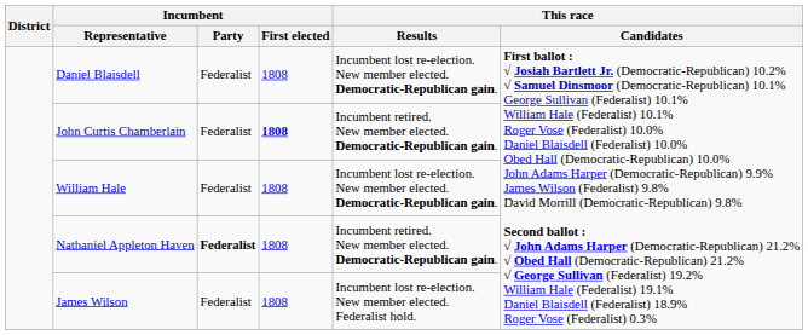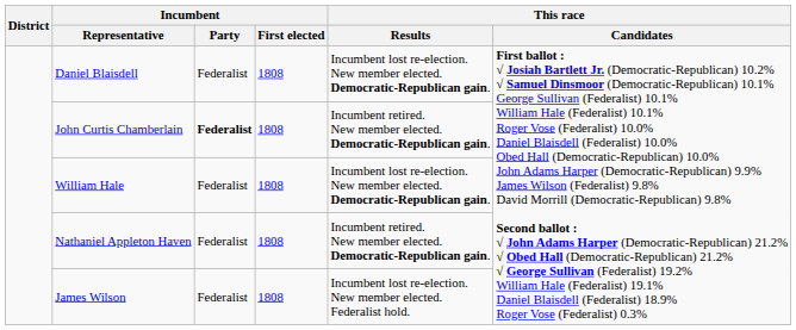 <table class=wikitable>
 <tr>
 <th rowspan=2>District</th>
 <th colspan=3>Incumbent</th>
 <th colspan=2>This race</th>
 </tr>
 <tr>
 <th>Representative</th>
 <th>Party</th>
 <th>First elected</th>
 <th>Results</th>
 <th>Candidates</th>
 </tr>
 <tr>
 <td rowspan=5><br></td>
 <td><a href='#'>Daniel Blaisdell</a></td>
 <td>Federalist</td>
 <td><a href='#'>1808</a></td>
 <td>Incumbent lost re-election.<br>New member elected.<br><strong>Democratic-Republican gain</strong>.</td>
 <td rowspan=5 nowrap><strong>First ballot :</strong><br><strong>√ <a href='#'>Josiah Bartlett Jr.</a></strong> (Democratic-Republican) 10.2%<br><strong>√ <a href='#'>Samuel Dinsmoor</a></strong> (Democratic-Republican) 10.1%<br><a href='#'>George Sullivan</a> (Federalist) 10.1%<br><a href='#'>William Hale</a> (Federalist) 10.1%<br><a href='#'>Roger Vose</a> (Federalist) 10.0%<br><a href='#'>Daniel Blaisdell</a> (Federalist) 10.0%<br><a href='#'>Obed Hall</a> (Democratic-Republican) 10.0%<br><a href='#'>John Adams Harper</a> (Democratic-Republican) 9.9%<br><a href='#'>James Wilson</a> (Federalist) 9.8%<br>David Morrill (Democratic-Republican) 9.8%<br><br><strong>Second ballot :</strong><br><strong>√ <a href='#'>John Adams Harper</a></strong> (Democratic-Republican) 21.2%<br><strong>√ <a href='#'>Obed Hall</a></strong> (Democratic-Republican) 21.2%<br><strong>√ <a href='#'>George Sullivan</a></strong> (Federalist) 19.2%<br><a href='#'>William Hale</a> (Federalist) 19.1%<br><a href='#'>Daniel Blaisdell</a> (Federalist) 18.9%<br><a href='#'>Roger Vose</a> (Federalist) 0.3%</td>
 </tr>
 <tr>
 <td><a href='#'>John Curtis Chamberlain</a></td>
-<td>Federalist</td>
-<td><strong><a href='#'>1808</a></strong></td>
+<td><strong>Federalist</strong></td>
+<td><a href='#'>1808</a></td>
 <td>Incumbent retired.<br>New member elected.<br><strong>Democratic-Republican gain</strong>.</td>
 </tr>
 <tr>
 <td><a href='#'>William Hale</a></td>
 <td>Federalist</td>
 <td><a href='#'>1808</a></td>
 <td>Incumbent lost re-election.<br>New member elected.<br><strong>Democratic-Republican gain</strong>.</td>
 </tr>
 <tr>
 <td><a href='#'>Nathaniel Appleton Haven</a></td>
-<td><strong>Federalist</strong></td>
+<td>Federalist</td>
 <td><a href='#'>1808</a></td>
 <td>Incumbent retired.<br>New member elected.<br><strong>Democratic-Republican gain</strong>.</td>
 </tr>
 <tr>
 <td><a href='#'>James Wilson</a></td>
 <td>Federalist</td>
 <td><a href='#'>1808</a></td>
 <td>Incumbent lost re-election.<br>New member elected.<br>Federalist hold.</td>
 </tr>
 </table>
